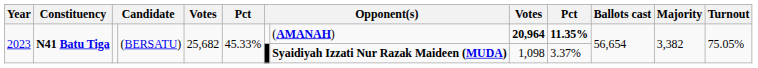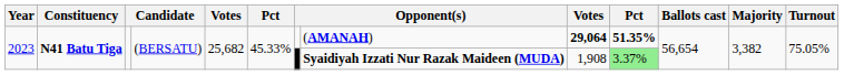 <table class="wikitable" style="margin:0.5em ; font-size:95%">
 <tr>
 <th>Year</th>
 <th>Constituency</th>
 <th colspan="2">Candidate</th>
 <th>Votes</th>
 <th>Pct</th>
 <th colspan="2">Opponent(s)</th>
 <th>Votes</th>
 <th>Pct</th>
 <th>Ballots cast</th>
 <th>Majority</th>
 <th>Turnout</th>
 </tr>
 <tr>
 <td rowspan="2"><a href='#'>2023</a></td>
 <td rowspan="2"><strong>N41 <a href='#'>Batu Tiga</a></strong></td>
 <td rowspan="7" bgcolor=></td>
 <td rowspan="2"> (<a href='#'>BERSATU</a>)</td>
 <td rowspan="2">25,682</td>
 <td rowspan="2">45.33%</td>
 <td></td>
 <td> (<a href='#'><strong>AMANAH</strong></a>)</td>
-<td align="right"><strong>20,964</strong></td>
-<td><strong>11.35%</strong></td>
+<td align="right"><strong>29,064</strong></td>
+<td><strong>51.35%</strong></td>
 <td rowspan="2">56,654</td>
 <td rowspan="2">3,382</td>
 <td rowspan="2">75.05%</td>
 </tr>
 <tr>
 <td bgcolor="black"></td>
 <td><strong>Syaidiyah Izzati Nur Razak Maideen (<a href='#'>MUDA</a>)</strong></td>
-<td align="right">1,098</td>
-<td>3.37%</td>
+<td align="right">1,908</td>
+<td style="background: lightgreen;">3.37%</td>
 </tr>
 </table>
